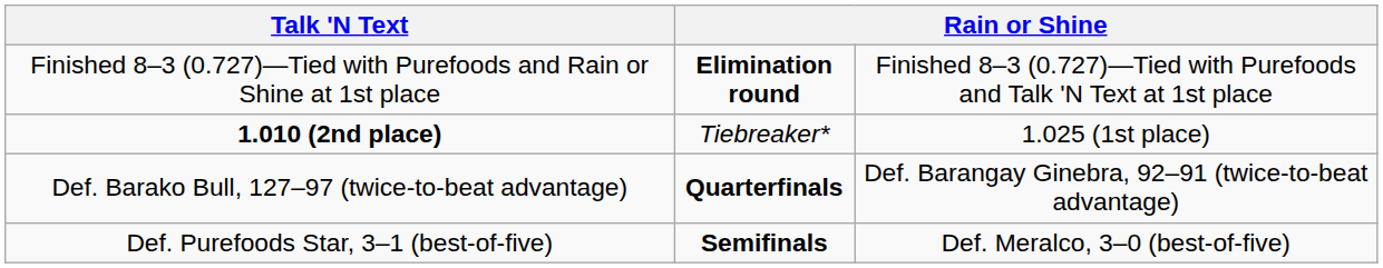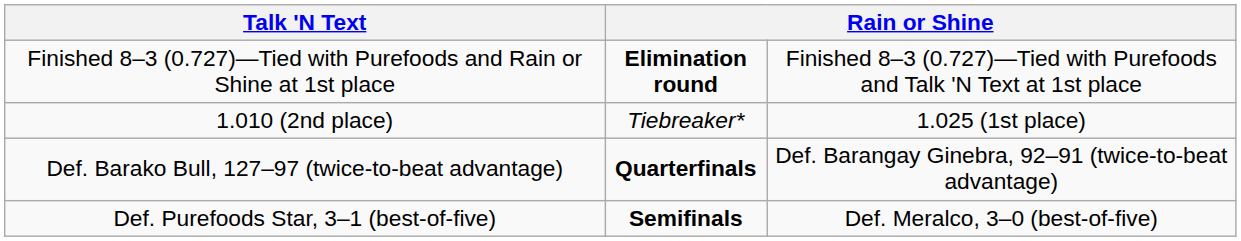 <table class=wikitable style="text-align:center">
 <tr>
 <th colspan=2 width=45%><a href='#'>Talk 'N Text</a></th>
 <th colspan=2 width=45%><a href='#'>Rain or Shine</a></th>
 </tr>
 <tr>
 <td>Finished 8–3 (0.727)—Tied with Purefoods and Rain or Shine at 1st place</td>
 <td colspan=2><strong>Elimination round</strong></td>
 <td>Finished 8–3 (0.727)—Tied with Purefoods and Talk 'N Text at 1st place</td>
 </tr>
 <tr>
-<td><strong>1.010 (2nd place)</strong></td>
+<td>1.010 (2nd place)</td>
 <td colspan=2><em>Tiebreaker*</em></td>
 <td>1.025 (1st place)</td>
 </tr>
 <tr>
 <td>Def. Barako Bull, 127–97 (twice-to-beat advantage)</td>
 <td colspan=2><strong>Quarterfinals</strong></td>
 <td>Def. Barangay Ginebra, 92–91 (twice-to-beat advantage)</td>
 </tr>
 <tr>
 <td>Def. Purefoods Star, 3–1 (best-of-five)</td>
 <td colspan=2><strong>Semifinals</strong></td>
 <td>Def. Meralco, 3–0 (best-of-five)</td>
 </tr>
 </table>
